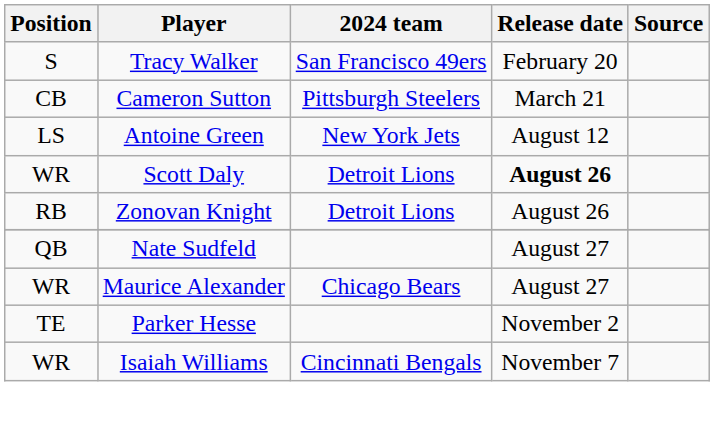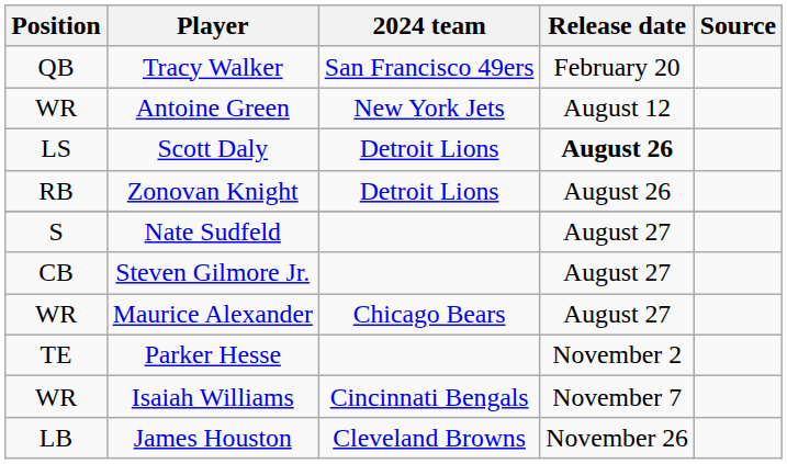 <table class="wikitable" style="text-align:center">
 <tr>
 <th>Position</th>
 <th>Player</th>
 <th>2024 team</th>
 <th>Release date</th>
 <th>Source</th>
 </tr>
 <tr>
-<td>S</td>
+<td>QB</td>
 <td><a href='#'>Tracy Walker</a></td>
 <td><a href='#'>San Francisco 49ers</a></td>
 <td>February 20</td>
 <td></td>
 </tr>
 <tr>
-<td>CB</td>
-<td><a href='#'>Cameron Sutton</a></td>
-<td><a href='#'>Pittsburgh Steelers</a></td>
-<td>March 21</td>
-<td></td>
-</tr>
-<tr>
-<td>LS</td>
+<td>WR</td>
 <td><a href='#'>Antoine Green</a></td>
 <td><a href='#'>New York Jets</a></td>
 <td>August 12</td>
 <td></td>
 </tr>
 <tr>
-<td>WR</td>
+<td>LS</td>
 <td><a href='#'>Scott Daly</a></td>
 <td><a href='#'>Detroit Lions</a></td>
 <td><strong>August 26</strong></td>
 <td></td>
 </tr>
 <tr>
 <td>RB</td>
 <td><a href='#'>Zonovan Knight</a></td>
 <td><a href='#'>Detroit Lions</a></td>
 <td>August 26</td>
 <td></td>
 </tr>
 <tr>
 </tr>
 <tr>
-<td>QB</td>
+<td>S</td>
 <td><a href='#'>Nate Sudfeld</a></td>
+<td></td>
+<td>August 27</td>
+<td></td>
+</tr>
+<tr>
+<td>CB</td>
+<td><a href='#'>Steven Gilmore Jr.</a></td>
 <td></td>
 <td>August 27</td>
 <td></td>
 </tr>
 <tr>
 <td>WR</td>
 <td><a href='#'>Maurice Alexander</a></td>
 <td><a href='#'>Chicago Bears</a></td>
 <td>August 27</td>
 <td></td>
 </tr>
 <tr>
 <td>TE</td>
 <td><a href='#'>Parker Hesse</a></td>
 <td></td>
 <td>November 2</td>
 <td></td>
 </tr>
 <tr>
 <td>WR</td>
 <td><a href='#'>Isaiah Williams</a></td>
 <td><a href='#'>Cincinnati Bengals</a></td>
 <td>November 7</td>
 <td></td>
 </tr>
+<tr>
+<td>LB</td>
+<td><a href='#'>James Houston</a></td>
+<td><a href='#'>Cleveland Browns</a></td>
+<td>November 26</td>
+<td></td>
+</tr>
 </table>
